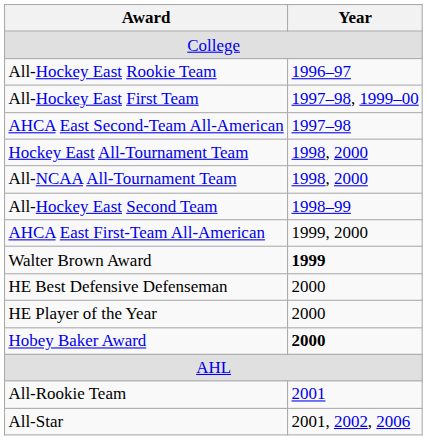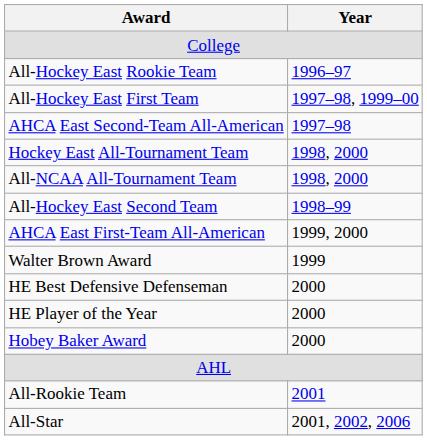 <table class="wikitable">
 <tr>
 <th>Award</th>
 <th>Year</th>
 </tr>
 <tr ALIGN="center" bgcolor="#e0e0e0">
 <td colspan="3"><a href='#'>College</a></td>
 </tr>
 <tr>
 <td>All-<a href='#'>Hockey East</a> <a href='#'>Rookie Team</a></td>
 <td><a href='#'>1996–97</a></td>
 </tr>
 <tr>
 <td>All-<a href='#'>Hockey East</a> <a href='#'>First Team</a></td>
 <td><a href='#'>1997–98</a>, <a href='#'>1999–00</a></td>
 </tr>
 <tr>
 <td><a href='#'>AHCA</a> <a href='#'>East Second-Team All-American</a></td>
 <td><a href='#'>1997–98</a></td>
 </tr>
 <tr>
 <td><a href='#'>Hockey East</a> <a href='#'>All-Tournament Team</a></td>
 <td><a href='#'>1998</a>, <a href='#'>2000</a></td>
 </tr>
 <tr>
 <td>All-<a href='#'>NCAA</a> <a href='#'>All-Tournament Team</a></td>
 <td><a href='#'>1998</a>, <a href='#'>2000</a></td>
 </tr>
 <tr>
 <td>All-<a href='#'>Hockey East</a> <a href='#'>Second Team</a></td>
 <td><a href='#'>1998–99</a></td>
 </tr>
 <tr>
 <td><a href='#'>AHCA</a> <a href='#'>East First-Team All-American</a></td>
 <td>1999, 2000</td>
 </tr>
 <tr>
 <td>Walter Brown Award</td>
-<td><strong>1999</strong></td>
+<td>1999</td>
 </tr>
 <tr>
 <td>HE Best Defensive Defenseman</td>
 <td>2000</td>
 </tr>
 <tr>
 <td>HE Player of the Year</td>
 <td>2000</td>
 </tr>
 <tr>
 <td><a href='#'>Hobey Baker Award</a></td>
-<td><strong>2000</strong></td>
+<td>2000</td>
 </tr>
 <tr ALIGN="center" bgcolor="#e0e0e0">
 <td colspan="3"><a href='#'>AHL</a></td>
 </tr>
 <tr>
 <td>All-Rookie Team</td>
 <td><a href='#'>2001</a></td>
 </tr>
 <tr>
 <td>All-Star</td>
 <td>2001, <a href='#'>2002</a>, <a href='#'>2006</a></td>
 </tr>
 </table>
